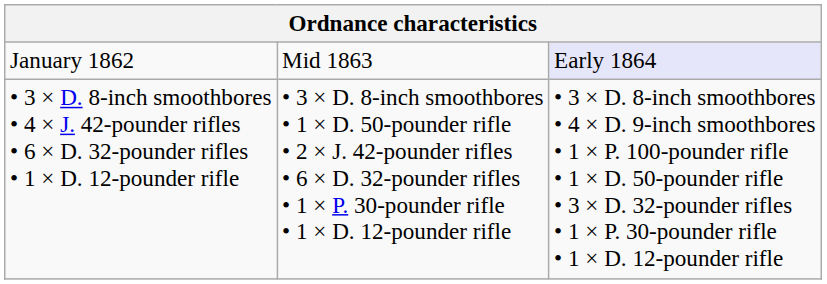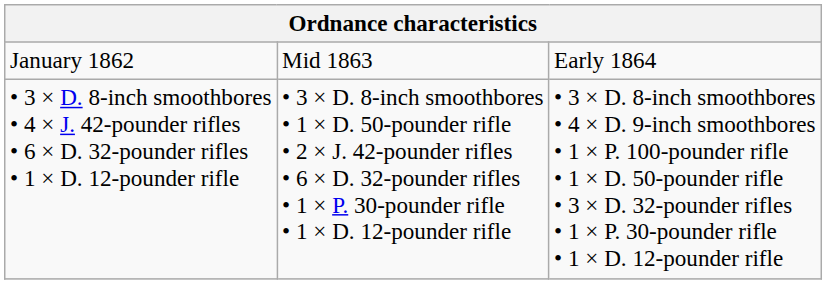 <table class="wikitable" style="font-size:97%;">
 <tr>
 <th colspan="3">Ordnance characteristics</th>
 </tr>
 <tr>
 <td>January 1862</td>
 <td>Mid 1863</td>
-<td style="background: lavender;">Early 1864</td>
+<td>Early 1864</td>
 </tr>
 <tr>
 <td valign=top>• 3 × <a href='#'>D.</a> 8-inch smoothbores<br>• 4 × <a href='#'>J.</a> 42-pounder rifles<br>• 6 × D. 32-pounder rifles<br>• 1 × D. 12-pounder rifle</td>
 <td valign=top>• 3 × D. 8-inch smoothbores<br>• 1 × D. 50-pounder rifle<br>• 2 × J. 42-pounder rifles<br>• 6 × D. 32-pounder rifles<br>• 1 × <a href='#'>P.</a> 30-pounder rifle<br>• 1 × D. 12-pounder rifle</td>
 <td valign=top>• 3 × D. 8-inch smoothbores<br>• 4 × D. 9-inch smoothbores<br>• 1 × P. 100-pounder rifle<br>• 1 × D. 50-pounder rifle<br>• 3 × D. 32-pounder rifles<br>• 1 × P. 30-pounder rifle<br>• 1 × D. 12-pounder rifle</td>
 </tr>
 </table>
